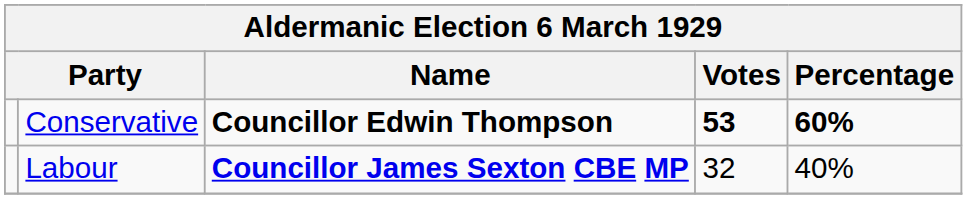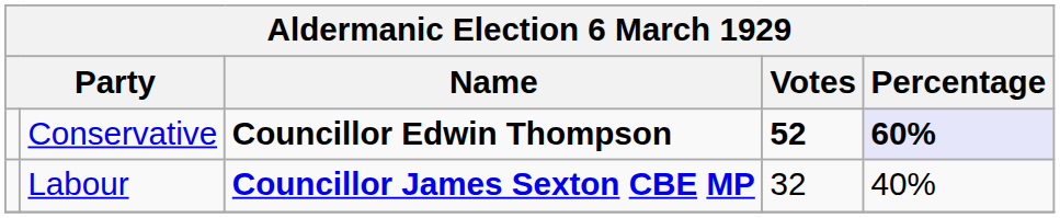 <table class="wikitable">
 <tr>
 <th colspan="5"><strong>Aldermanic Election 6 March 1929</strong></th>
 </tr>
 <tr>
 <th colspan="2">Party</th>
 <th>Name</th>
 <th>Votes</th>
 <th>Percentage</th>
 </tr>
 <tr>
 <td style="background-color:"></td>
 <td><a href='#'>Conservative</a></td>
 <td><strong>Councillor Edwin Thompson</strong></td>
-<td><strong>53</strong></td>
-<td><strong>60%</strong></td>
+<td><strong>52</strong></td>
+<td style="background: lavender;"><strong>60%</strong></td>
 </tr>
 <tr>
 <td style="background-color:"></td>
 <td><a href='#'>Labour</a></td>
 <td><strong><a href='#'>Councillor James Sexton</a> <a href='#'>CBE</a> <a href='#'>MP</a></strong></td>
 <td>32</td>
 <td>40%</td>
 </tr>
 <tr>
 </tr>
 </table>
